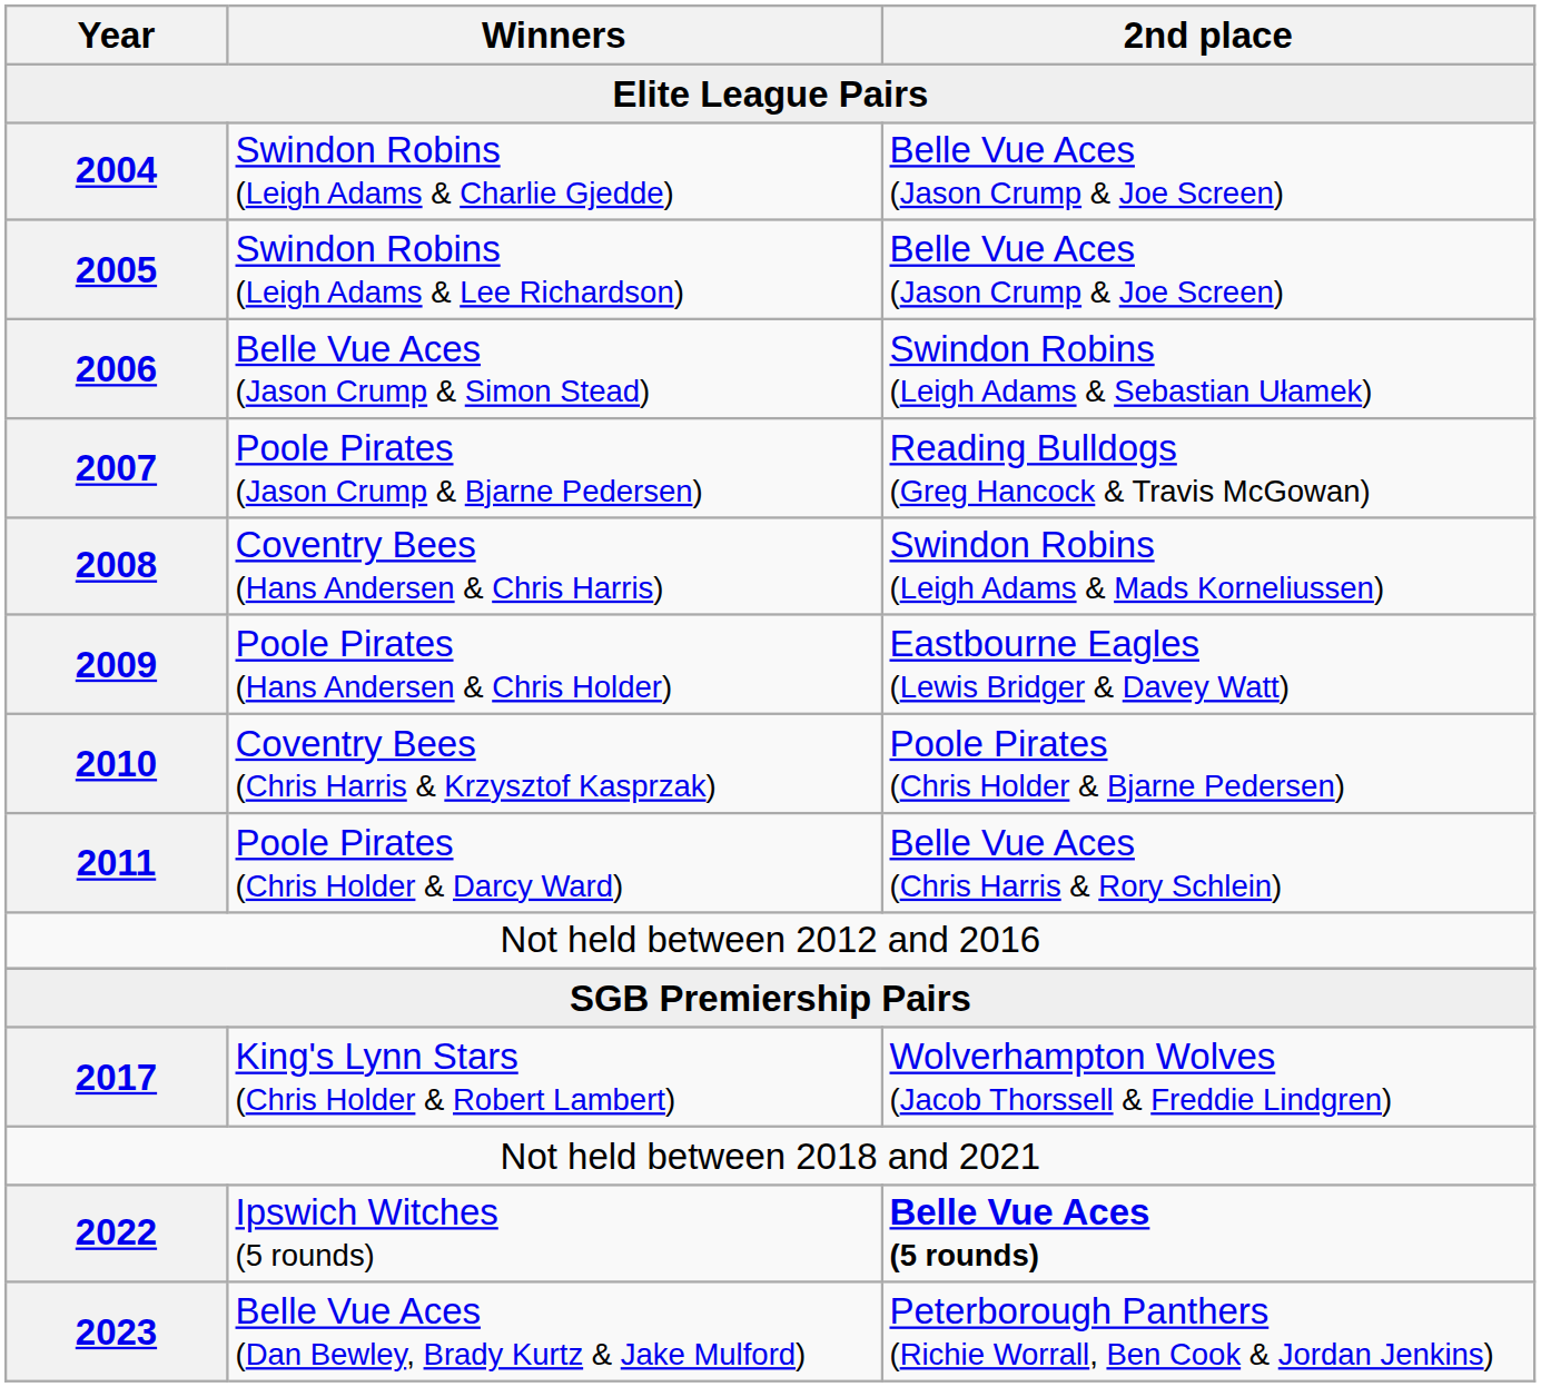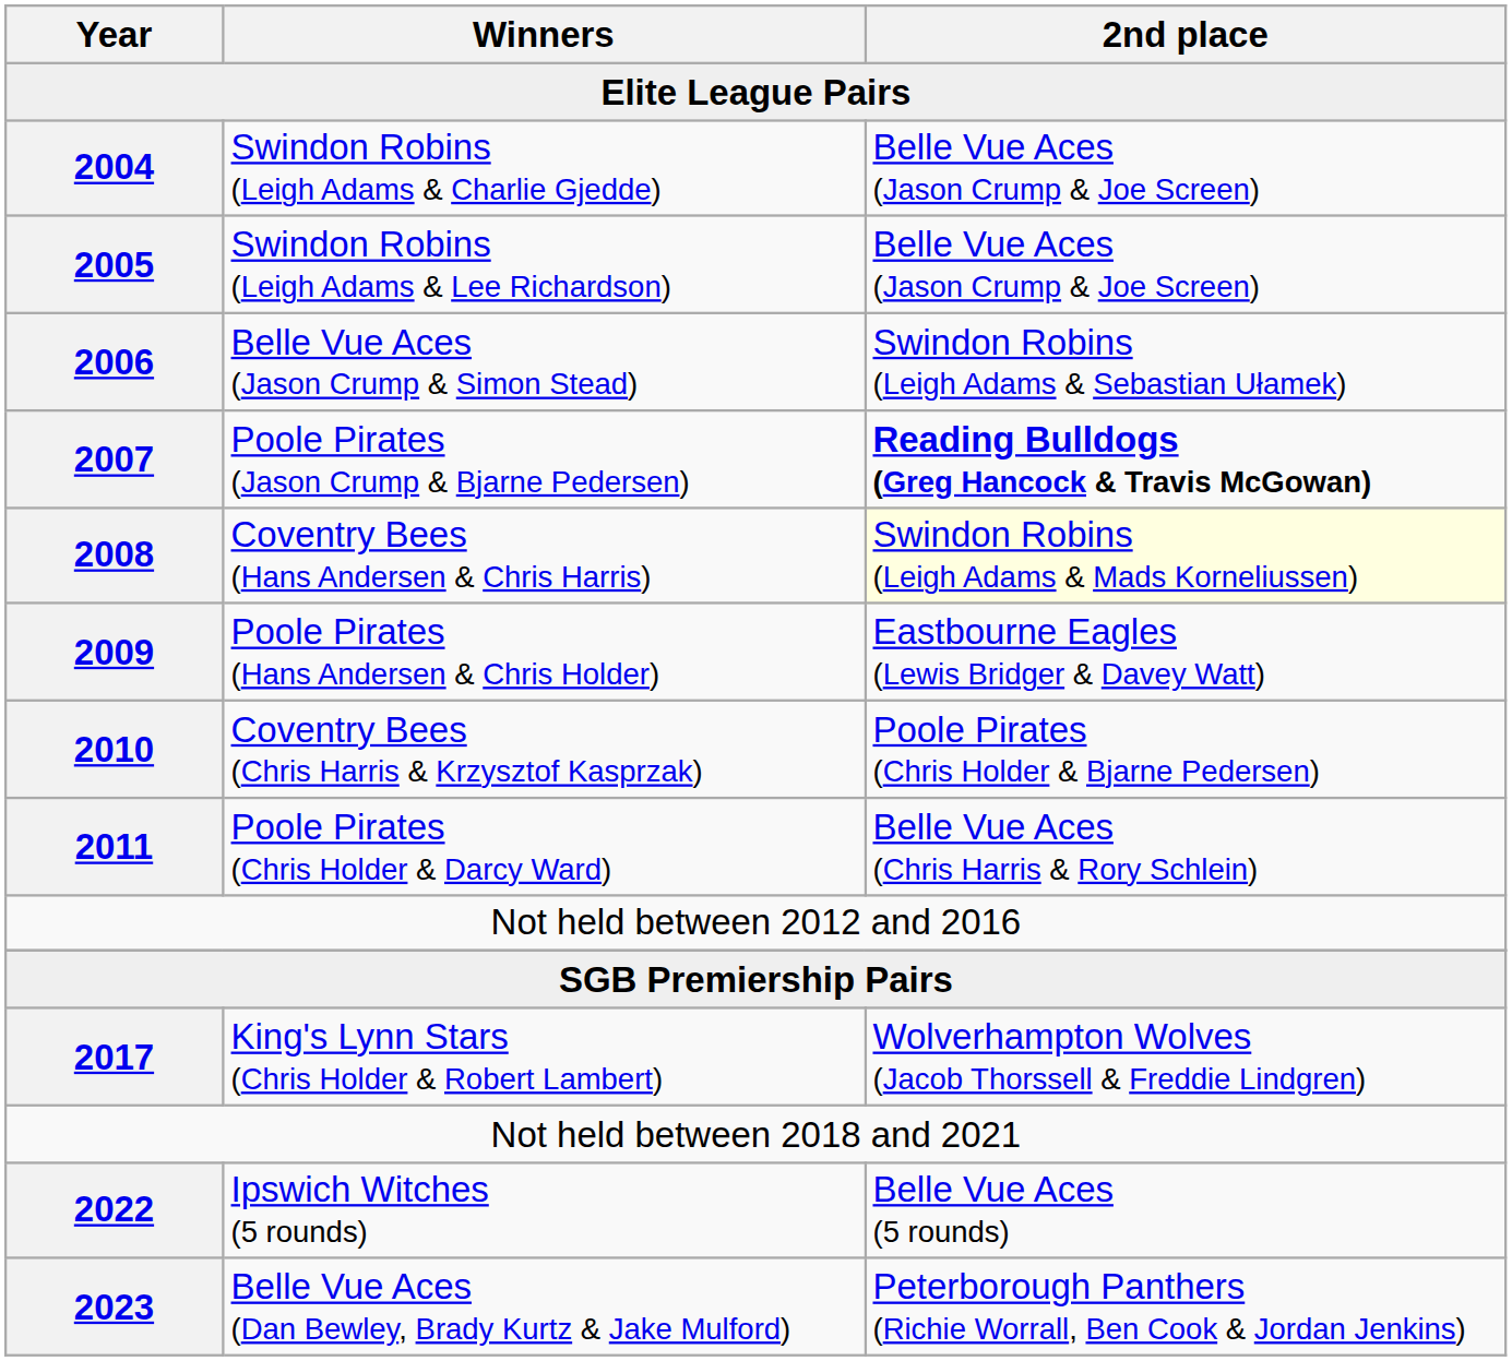 <table class="wikitable" style="font-size: 90%">
 <tr>
 <th width=80>Year</th>
 <th width=250>Winners</th>
 <th width=250>2nd place</th>
 </tr>
 <tr>
 <td bgcolor="#efefef"  colspan=4 align=center><strong>Elite League Pairs</strong></td>
 </tr>
 <tr>
 <th><a href='#'>2004</a></th>
 <td><a href='#'>Swindon Robins</a><br><small>(<a href='#'>Leigh Adams</a> & <a href='#'>Charlie Gjedde</a>)</small></td>
 <td><a href='#'>Belle Vue Aces</a><br><small>(<a href='#'>Jason Crump</a> & <a href='#'>Joe Screen</a>)</small></td>
 </tr>
 <tr>
 <th><a href='#'>2005</a></th>
 <td><a href='#'>Swindon Robins</a><br><small>(<a href='#'>Leigh Adams</a> & <a href='#'>Lee Richardson</a>)</small></td>
 <td><a href='#'>Belle Vue Aces</a><br><small>(<a href='#'>Jason Crump</a> & <a href='#'>Joe Screen</a>)</small></td>
 </tr>
 <tr>
 <th><a href='#'>2006</a></th>
 <td><a href='#'>Belle Vue Aces</a><br><small>(<a href='#'>Jason Crump</a> & <a href='#'>Simon Stead</a>)</small></td>
 <td><a href='#'>Swindon Robins</a><br><small>(<a href='#'>Leigh Adams</a> & <a href='#'>Sebastian Ułamek</a>)</small></td>
 </tr>
 <tr>
 <th><a href='#'>2007</a></th>
 <td><a href='#'>Poole Pirates</a><br><small>(<a href='#'>Jason Crump</a> & <a href='#'>Bjarne Pedersen</a>)</small></td>
-<td><a href='#'>Reading Bulldogs</a><br><small>(<a href='#'>Greg Hancock</a> & Travis McGowan)</small></td>
+<td><strong><a href='#'>Reading Bulldogs</a><br><small>(<a href='#'>Greg Hancock</a> & Travis McGowan)</small></strong></td>
 </tr>
 <tr>
 <th><a href='#'>2008</a></th>
 <td><a href='#'>Coventry Bees</a><br><small>(<a href='#'>Hans Andersen</a> & <a href='#'>Chris Harris</a>)</small></td>
-<td><a href='#'>Swindon Robins</a><br><small>(<a href='#'>Leigh Adams</a> & <a href='#'>Mads Korneliussen</a>)</small></td>
+<td style="background: lightyellow;"><a href='#'>Swindon Robins</a><br><small>(<a href='#'>Leigh Adams</a> & <a href='#'>Mads Korneliussen</a>)</small></td>
 </tr>
 <tr>
 <th><a href='#'>2009</a></th>
 <td><a href='#'>Poole Pirates</a><br><small>(<a href='#'>Hans Andersen</a> & <a href='#'>Chris Holder</a>)</small></td>
 <td><a href='#'>Eastbourne Eagles</a><br><small>(<a href='#'>Lewis Bridger</a> & <a href='#'>Davey Watt</a>)</small></td>
 </tr>
 <tr>
 <th><a href='#'>2010</a></th>
 <td><a href='#'>Coventry Bees</a><br><small>(<a href='#'>Chris Harris</a> & <a href='#'>Krzysztof Kasprzak</a>)</small></td>
 <td><a href='#'>Poole Pirates</a><br><small>(<a href='#'>Chris Holder</a> & <a href='#'>Bjarne Pedersen</a>)</small></td>
 </tr>
 <tr>
 <th><a href='#'>2011</a></th>
 <td><a href='#'>Poole Pirates</a><br><small>(<a href='#'>Chris Holder</a> & <a href='#'>Darcy Ward</a>)</small></td>
 <td><a href='#'>Belle Vue Aces</a><br><small>(<a href='#'>Chris Harris</a> & <a href='#'>Rory Schlein</a>)</small></td>
 </tr>
 <tr>
 <td colspan=4 style="text-align:center">Not held between 2012 and 2016</td>
 </tr>
 <tr>
 </tr>
 <tr>
 <td bgcolor="#efefef"  colspan=4 align=center><strong>SGB Premiership Pairs</strong></td>
 </tr>
 <tr>
 <th><a href='#'>2017</a></th>
 <td><a href='#'>King's Lynn Stars</a><br><small>(<a href='#'>Chris Holder</a> & <a href='#'>Robert Lambert</a>)</small></td>
 <td><a href='#'>Wolverhampton Wolves</a><br><small>(<a href='#'>Jacob Thorssell</a> & <a href='#'>Freddie Lindgren</a>)</small></td>
 </tr>
 <tr>
 <td colspan=4 style="text-align:center">Not held between 2018 and 2021</td>
 </tr>
 <tr>
 <th><a href='#'>2022</a></th>
 <td><a href='#'>Ipswich Witches</a><br><small>(5 rounds)</small></td>
-<td><strong><a href='#'>Belle Vue Aces</a><br><small>(5 rounds)</small></strong></td>
+<td><a href='#'>Belle Vue Aces</a><br><small>(5 rounds)</small></td>
 </tr>
 <tr>
 <th><a href='#'>2023</a></th>
 <td><a href='#'>Belle Vue Aces</a><br><small>(<a href='#'>Dan Bewley</a>, <a href='#'>Brady Kurtz</a> & <a href='#'>Jake Mulford</a>)</small></td>
 <td><a href='#'>Peterborough Panthers</a><br><small>(<a href='#'>Richie Worrall</a>, <a href='#'>Ben Cook</a> & <a href='#'>Jordan Jenkins</a>)</small></td>
 </tr>
 </table>
